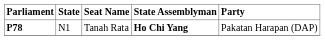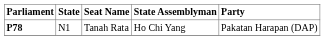 <table class="toccolours sortable" border="1" cellpadding="3" style="border-collapse:collapse; text-align: left;">
 <tr>
 <th align="center">Parliament</th>
 <th>State</th>
 <th>Seat Name</th>
 <th>State Assemblyman</th>
 <th>Party</th>
 </tr>
 <tr>
 <th align="left">P78</th>
 <td>N1</td>
 <td>Tanah Rata</td>
-<td><strong>Ho Chi Yang</strong></td>
+<td>Ho Chi Yang</td>
 <td>Pakatan Harapan (DAP)</td>
 </tr>
 <tr>
 </tr>
 </table>
